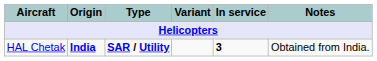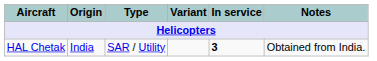 <table class="wikitable">
 <tr>
 <th style="text-align:center; background:#acc;">Aircraft</th>
 <th style="text-align:center; background:#acc;">Origin</th>
 <th style="text-align:l center; background:#acc;">Type</th>
 <th style="text-align:left; background:#acc;">Variant</th>
 <th style="text-align:center; background:#acc;">In service</th>
 <th style="text-align:center; background:#acc;">Notes</th>
 </tr>
 <tr>
 <th style="align:center; background: lavender;" colspan="6"><a href='#'>Helicopters</a></th>
 </tr>
 <tr>
 <td><a href='#'>HAL Chetak</a></td>
-<td><strong><a href='#'>India</a></strong></td>
-<td><strong><a href='#'>SAR</a> / <a href='#'>Utility</a></strong></td>
+<td><a href='#'>India</a></td>
+<td><a href='#'>SAR</a> / <a href='#'>Utility</a></td>
 <td></td>
 <td><strong>3</strong></td>
 <td>Obtained from India.</td>
 </tr>
 </table>
